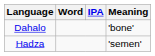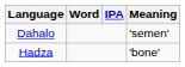 <table class="wikitable">
 <tr>
 <th colspan="2">Language</th>
 <th>Word</th>
 <th><a href='#'>IPA</a></th>
 <th>Meaning</th>
 </tr>
 <tr>
 <td colspan="2" align="center"><a href='#'>Dahalo</a></td>
 <td colspan=2 align=center></td>
-<td>'bone'</td>
+<td>'semen'</td>
 </tr>
 <tr>
 <td colspan="2" align="center"><a href='#'>Hadza</a></td>
 <td colspan=2 align=center></td>
-<td>'semen'</td>
+<td>'bone'</td>
 </tr>
 </table>
